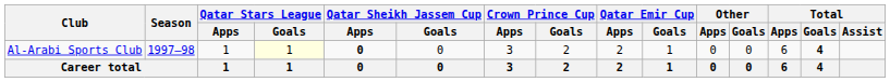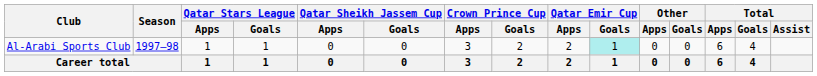 <table class="wikitable" style="text-align: center">
 <tr>
 <th rowspan="2">Club</th>
 <th rowspan="2">Season</th>
 <th colspan="2"><a href='#'>Qatar Stars League</a></th>
 <th colspan="2"><a href='#'>Qatar Sheikh Jassem Cup</a></th>
 <th colspan="2"><a href='#'>Crown Prince Cup</a></th>
 <th colspan="2"><a href='#'>Qatar Emir Cup</a></th>
 <th colspan="2">Other</th>
 <th colspan="3">Total</th>
 </tr>
 <tr>
 <th>Apps</th>
 <th>Goals</th>
 <th>Apps</th>
 <th>Goals</th>
 <th>Apps</th>
 <th>Goals</th>
 <th>Apps</th>
 <th>Goals</th>
 <th>Apps</th>
 <th>Goals</th>
 <th>Apps</th>
 <th>Goals</th>
 <th>Assist</th>
 </tr>
 <tr>
 <td rowspan="1"><a href='#'>Al-Arabi Sports Club</a></td>
 <td><a href='#'>1997–98</a></td>
 <td>1</td>
-<td style="background: lightyellow;">1</td>
-<td><strong>0</strong></td>
+<td>1</td>
+<td>0</td>
 <td>0</td>
 <td>3</td>
 <td>2</td>
 <td>2</td>
-<td>1</td>
+<td style="background: paleturquoise;">1</td>
 <td>0</td>
 <td>0</td>
 <td>6</td>
-<td><strong>4</strong></td>
+<td>4</td>
 <td></td>
 </tr>
 <tr>
 <th colspan="2">Career total</th>
 <th>1</th>
 <th>1</th>
 <th>0</th>
 <th>0</th>
 <th>3</th>
 <th>2</th>
 <th>2</th>
 <th>1</th>
 <th>0</th>
 <th>0</th>
 <th>6</th>
 <th>4</th>
 <th></th>
 </tr>
 </table>
